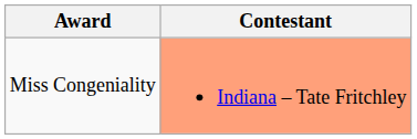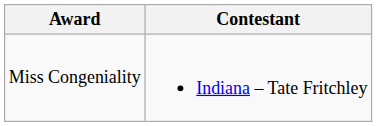 <table class="wikitable unsortable nowrap" style="font-size:95%;">
 <tr>
 <th>Award</th>
 <th>Contestant</th>
 </tr>
 <tr>
 <td>Miss Congeniality</td>
-<td style="background: lightsalmon;"><br><ul><li><a href='#'>Indiana</a> – Tate Fritchley</li></ul></td>
+<td><br><ul><li><a href='#'>Indiana</a> – Tate Fritchley</li></ul></td>
 </tr>
 </table>
